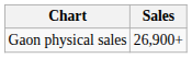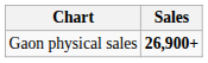 <table class="wikitable">
 <tr>
 <th>Chart</th>
 <th>Sales</th>
 </tr>
 <tr>
 <td>Gaon physical sales</td>
-<td align="center">26,900+</td>
+<td align="center"><strong>26,900+</strong></td>
 </tr>
 </table>
